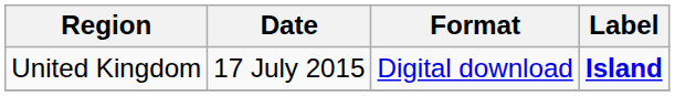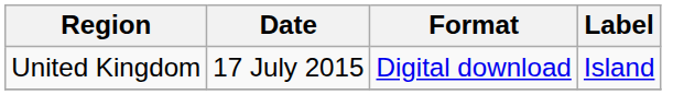 <table class="wikitable">
 <tr>
 <th>Region</th>
 <th>Date</th>
 <th>Format</th>
 <th>Label</th>
 </tr>
 <tr>
 <td>United Kingdom</td>
 <td>17 July 2015</td>
 <td><a href='#'>Digital download</a></td>
-<td><strong><a href='#'>Island</a></strong></td>
+<td><a href='#'>Island</a></td>
 </tr>
 <tr>
 </tr>
 </table>
